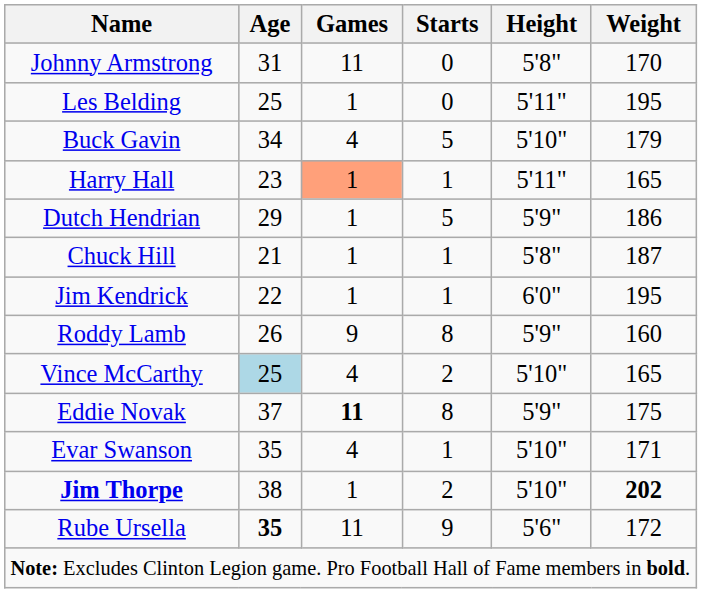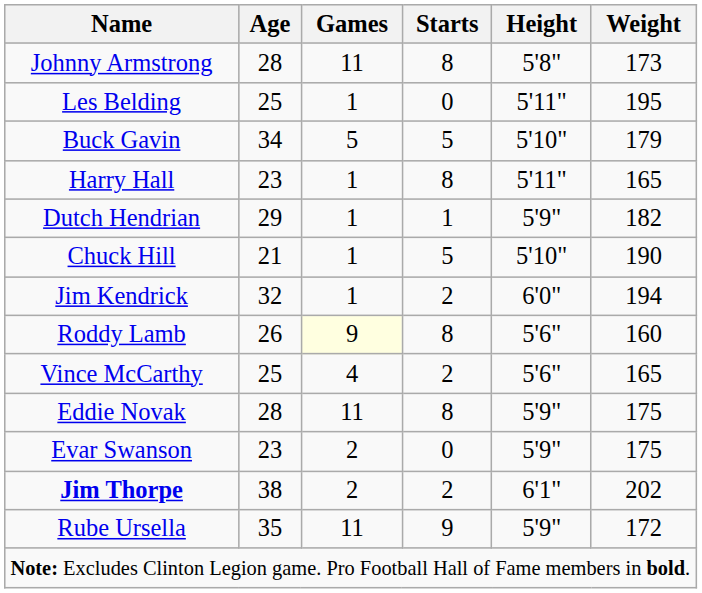 <table class="wikitable" style="text-align:center">
 <tr>
 <th>Name</th>
 <th>Age</th>
 <th>Games</th>
 <th>Starts</th>
 <th>Height</th>
 <th>Weight</th>
 </tr>
 <tr>
 <td><a href='#'>Johnny Armstrong</a></td>
-<td>31</td>
+<td>28</td>
 <td>11</td>
-<td>0</td>
+<td>8</td>
 <td>5'8"</td>
-<td>170</td>
+<td>173</td>
 </tr>
 <tr>
 <td><a href='#'>Les Belding</a></td>
 <td>25</td>
 <td>1</td>
 <td>0</td>
 <td>5'11"</td>
 <td>195</td>
 </tr>
 <tr>
 <td><a href='#'>Buck Gavin</a></td>
 <td>34</td>
-<td>4</td>
+<td>5</td>
 <td>5</td>
 <td>5'10"</td>
 <td>179</td>
 </tr>
 <tr>
 <td><a href='#'>Harry Hall</a></td>
 <td>23</td>
-<td style="background: lightsalmon;">1</td>
 <td>1</td>
+<td>8</td>
 <td>5'11"</td>
 <td>165</td>
 </tr>
 <tr>
 <td><a href='#'>Dutch Hendrian</a></td>
 <td>29</td>
 <td>1</td>
-<td>5</td>
+<td>1</td>
 <td>5'9"</td>
-<td>186</td>
+<td>182</td>
 </tr>
 <tr>
 <td><a href='#'>Chuck Hill</a></td>
 <td>21</td>
 <td>1</td>
-<td>1</td>
-<td>5'8"</td>
-<td>187</td>
+<td>5</td>
+<td>5'10"</td>
+<td>190</td>
 </tr>
 <tr>
 <td><a href='#'>Jim Kendrick</a></td>
-<td>22</td>
+<td>32</td>
 <td>1</td>
-<td>1</td>
+<td>2</td>
 <td>6'0"</td>
-<td>195</td>
+<td>194</td>
 </tr>
 <tr>
 <td><a href='#'>Roddy Lamb</a></td>
 <td>26</td>
-<td>9</td>
+<td style="background: lightyellow;">9</td>
 <td>8</td>
-<td>5'9"</td>
+<td>5'6"</td>
 <td>160</td>
 </tr>
 <tr>
 <td><a href='#'>Vince McCarthy</a></td>
-<td style="background: lightblue;">25</td>
+<td>25</td>
 <td>4</td>
 <td>2</td>
-<td>5'10"</td>
+<td>5'6"</td>
 <td>165</td>
 </tr>
 <tr>
 <td><a href='#'>Eddie Novak</a></td>
-<td>37</td>
-<td><strong>11</strong></td>
+<td>28</td>
+<td>11</td>
 <td>8</td>
 <td>5'9"</td>
 <td>175</td>
 </tr>
 <tr>
 <td><a href='#'>Evar Swanson</a></td>
-<td>35</td>
-<td>4</td>
-<td>1</td>
-<td>5'10"</td>
-<td>171</td>
+<td>23</td>
+<td>2</td>
+<td>0</td>
+<td>5'9"</td>
+<td>175</td>
 </tr>
 <tr>
 <td><strong><a href='#'>Jim Thorpe</a></strong></td>
 <td>38</td>
-<td>1</td>
 <td>2</td>
-<td>5'10"</td>
-<td><strong>202</strong></td>
+<td>2</td>
+<td>6'1"</td>
+<td>202</td>
 </tr>
 <tr>
 <td><a href='#'>Rube Ursella</a></td>
-<td><strong>35</strong></td>
+<td>35</td>
 <td>11</td>
 <td>9</td>
-<td>5'6"</td>
+<td>5'9"</td>
 <td>172</td>
 </tr>
 <tr>
 <td colspan="10"><small><strong>Note:</strong> Excludes Clinton Legion game. Pro Football Hall of Fame members in <strong>bold</strong>.</small></td>
 </tr>
 </table>
